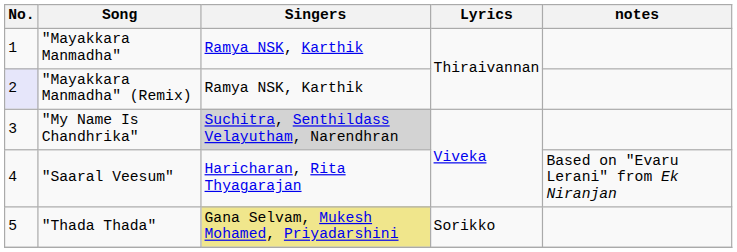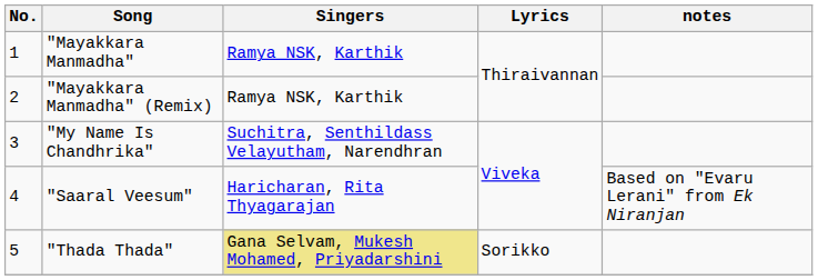 <table class="wikitable" style="font-size:95%;">
 <tr>
 <th>No.</th>
 <th>Song</th>
 <th>Singers</th>
 <th>Lyrics</th>
 <th>notes</th>
 </tr>
 <tr>
 <td>1</td>
 <td>"Mayakkara Manmadha"</td>
 <td><a href='#'>Ramya NSK</a>, <a href='#'>Karthik</a></td>
 <td rowspan=2>Thiraivannan</td>
 <td></td>
 </tr>
 <tr>
-<td style="background: lavender;">2</td>
+<td>2</td>
 <td>"Mayakkara Manmadha" (Remix)</td>
 <td>Ramya NSK, Karthik</td>
 <td></td>
 </tr>
 <tr>
 <td>3</td>
 <td>"My Name Is Chandhrika"</td>
-<td style="background: lightgrey;"><a href='#'>Suchitra</a>, <a href='#'>Senthildass Velayutham</a>, Narendhran</td>
+<td><a href='#'>Suchitra</a>, <a href='#'>Senthildass Velayutham</a>, Narendhran</td>
 <td rowspan=2><a href='#'>Viveka</a></td>
 <td></td>
 </tr>
 <tr>
 <td>4</td>
 <td>"Saaral Veesum"</td>
 <td><a href='#'>Haricharan</a>, <a href='#'>Rita Thyagarajan</a></td>
 <td>Based on "Evaru Lerani" from <em>Ek Niranjan</em></td>
 </tr>
 <tr>
 <td>5</td>
 <td>"Thada Thada"</td>
 <td style="background: khaki;">Gana Selvam, <a href='#'>Mukesh Mohamed</a>, <a href='#'>Priyadarshini</a></td>
 <td>Sorikko</td>
 <td></td>
 </tr>
 <tr>
 </tr>
 </table>
